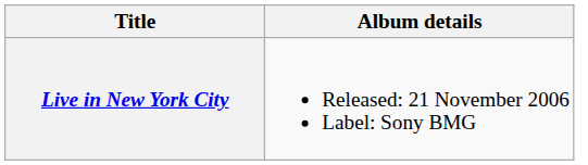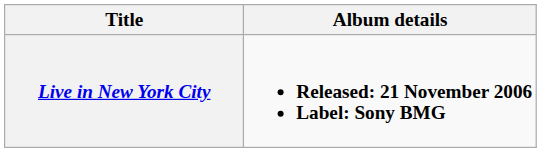 <table class="wikitable plainrowheaders">
 <tr>
 <th scope="col" style="width:12em;">Title</th>
 <th>Album details</th>
 </tr>
 <tr>
 <th scope="row"><em><a href='#'>Live in New York City</a></em></th>
-<td><br><ul><li>Released: 21 November 2006</li><li>Label: Sony BMG</li></ul></td>
+<td><strong><br><ul><li>Released: 21 November 2006</li><li>Label: Sony BMG</li></ul></strong></td>
 </tr>
 </table>
